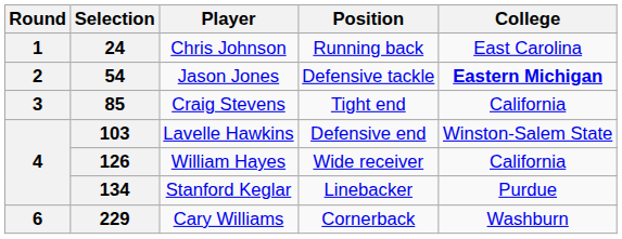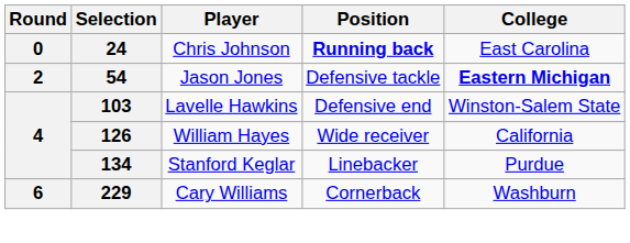 <table class="wikitable" style="text-align:center">
 <tr>
 <th>Round</th>
 <th>Selection</th>
 <th>Player</th>
 <th>Position</th>
 <th>College</th>
 </tr>
 <tr>
-<th>1</th>
+<th>0</th>
 <th>24</th>
 <td><a href='#'>Chris Johnson</a></td>
-<td><a href='#'>Running back</a></td>
+<td><strong><a href='#'>Running back</a></strong></td>
 <td><a href='#'>East Carolina</a></td>
 </tr>
 <tr>
 <th>2</th>
 <th>54</th>
 <td><a href='#'>Jason Jones</a></td>
 <td><a href='#'>Defensive tackle</a></td>
 <td><strong><a href='#'>Eastern Michigan</a></strong></td>
-</tr>
-<tr>
-<th>3</th>
-<th>85</th>
-<td><a href='#'>Craig Stevens</a></td>
-<td><a href='#'>Tight end</a></td>
-<td><a href='#'>California</a></td>
 </tr>
 <tr>
 <th rowspan="3">4</th>
 <th>103</th>
 <td><a href='#'>Lavelle Hawkins</a></td>
 <td><a href='#'>Defensive end</a></td>
 <td><a href='#'>Winston-Salem State</a></td>
 </tr>
 <tr>
 <th>126</th>
 <td><a href='#'>William Hayes</a></td>
 <td><a href='#'>Wide receiver</a></td>
 <td><a href='#'>California</a></td>
 </tr>
 <tr>
 <th>134</th>
 <td><a href='#'>Stanford Keglar</a></td>
 <td><a href='#'>Linebacker</a></td>
 <td><a href='#'>Purdue</a></td>
 </tr>
 <tr>
 <th>6</th>
 <th>229</th>
 <td><a href='#'>Cary Williams</a></td>
 <td><a href='#'>Cornerback</a></td>
 <td><a href='#'>Washburn</a></td>
 </tr>
 </table>
